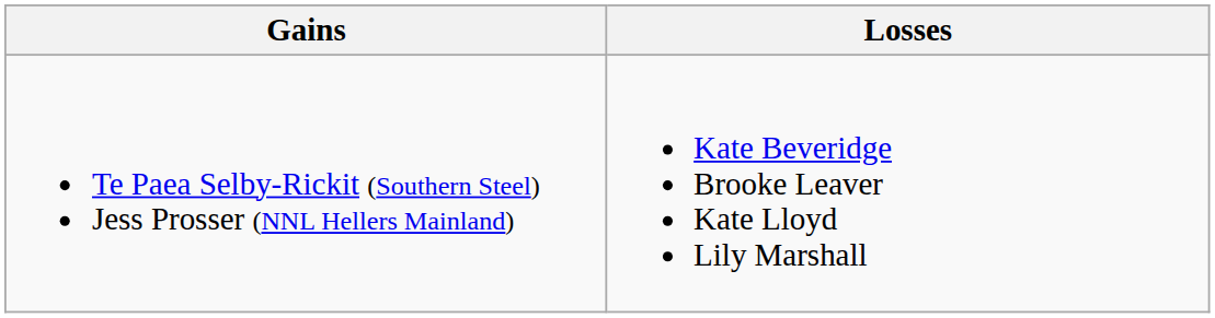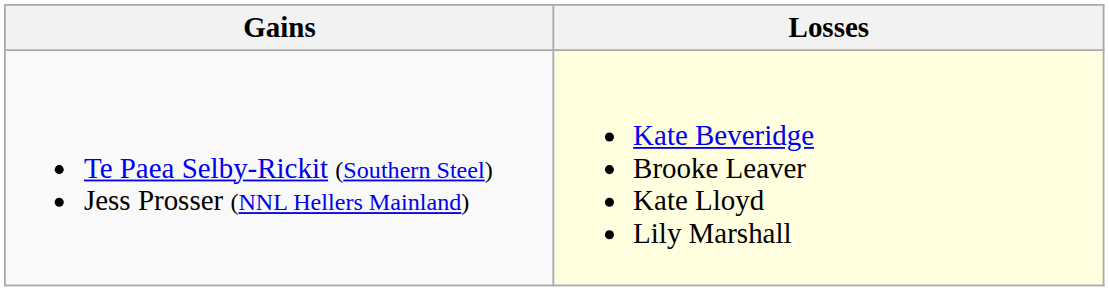 <table class=wikitable>
 <tr>
 <th width=300> Gains</th>
 <th width=300> Losses</th>
 </tr>
 <tr>
 <td><br><ul><li><a href='#'>Te Paea Selby-Rickit</a> <small>(<a href='#'>Southern Steel</a>)</small></li><li>Jess Prosser <small>(<a href='#'>NNL Hellers Mainland</a>)</small></li></ul></td>
-<td><br><ul><li><a href='#'>Kate Beveridge</a></li><li>Brooke Leaver</li><li>Kate Lloyd</li><li>Lily Marshall</li></ul></td>
+<td style="background: lightyellow;"><br><ul><li><a href='#'>Kate Beveridge</a></li><li>Brooke Leaver</li><li>Kate Lloyd</li><li>Lily Marshall</li></ul></td>
 </tr>
 </table>
